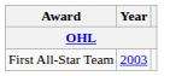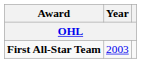 <table class="wikitable">
 <tr>
 <th>Award</th>
 <th>Year</th>
 <th></th>
 </tr>
 <tr ALIGN="center" bgcolor="#e0e0e0">
 <th colspan="3"><a href='#'>OHL</a></th>
 </tr>
 <tr>
-<td>First All-Star Team</td>
+<td><strong>First All-Star Team</strong></td>
 <td><a href='#'>2003</a></td>
 <td></td>
 </tr>
 </table>
